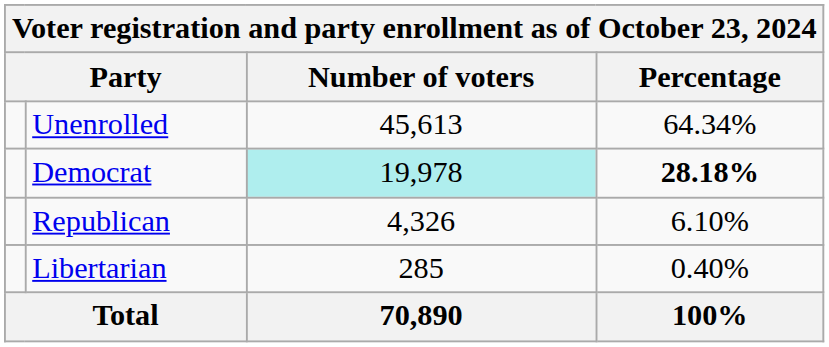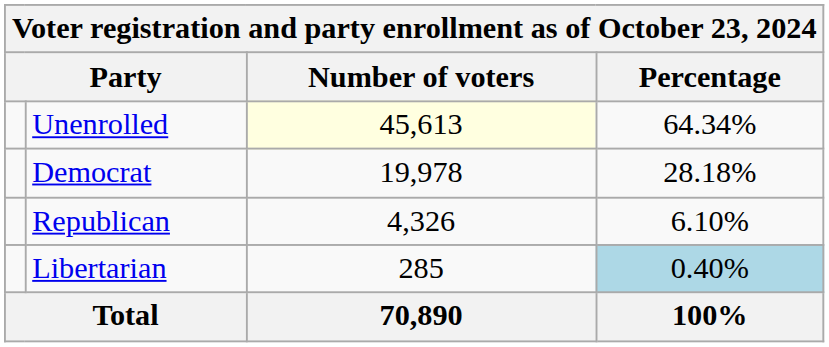 <table class="wikitable">
 <tr>
 <th colspan="6">Voter registration and party enrollment as of October 23, 2024</th>
 </tr>
 <tr>
 <th colspan="2">Party</th>
 <th>Number of voters</th>
 <th>Percentage</th>
 </tr>
 <tr>
 <td></td>
 <td><a href='#'>Unenrolled</a></td>
-<td style="text-align:center;">45,613</td>
+<td style="background: lightyellow; text-align:center;">45,613</td>
 <td style="text-align:center;">64.34%</td>
 </tr>
 <tr>
 <td></td>
 <td><a href='#'>Democrat</a></td>
-<td style="background: paleturquoise; text-align:center;">19,978</td>
-<td style="text-align:center;"><strong>28.18%</strong></td>
+<td style="text-align:center;">19,978</td>
+<td style="text-align:center;">28.18%</td>
 </tr>
 <tr>
 <td></td>
 <td><a href='#'>Republican</a></td>
 <td style="text-align:center;">4,326</td>
 <td style="text-align:center;">6.10%</td>
 </tr>
 <tr>
 <td></td>
 <td><a href='#'>Libertarian</a></td>
 <td style="text-align:center;">285</td>
-<td style="text-align:center;">0.40%</td>
+<td style="background: lightblue; text-align:center;">0.40%</td>
 </tr>
 <tr>
 <th colspan="2">Total</th>
 <th style="text-align:center;">70,890</th>
 <th style="text-align:center;">100%</th>
 </tr>
 </table>
